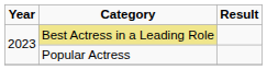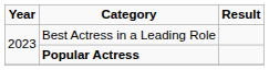 <table class="wikitable plainrowheaders" style="textcolor:#000">
 <tr style="text-align:center;">
 <td scope="col"><strong>Year</strong></td>
 <td scope="col"><strong>Category</strong></td>
 <td scope="col"><strong>Result</strong></td>
 </tr>
 <tr>
 <td rowspan="2">2023</td>
-<td style="background: khaki;">Best Actress in a Leading Role</td>
+<td>Best Actress in a Leading Role</td>
 <td></td>
 </tr>
 <tr>
-<td>Popular Actress</td>
+<td><strong>Popular Actress</strong></td>
 <td></td>
 </tr>
 <tr>
 </tr>
 </table>
